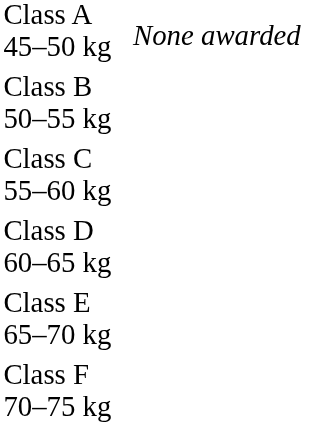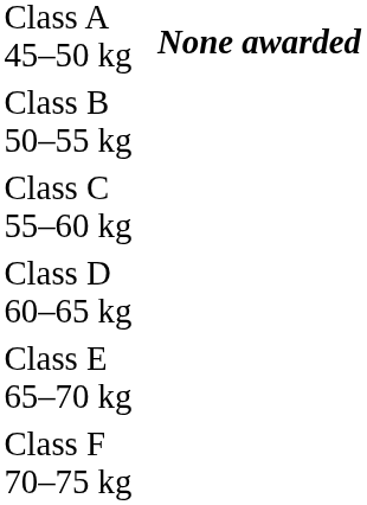 <table>
 <tr>
 <td rowspan=2>Class A<br>45–50 kg</td>
 <td rowspan=2></td>
 <td rowspan=2></td>
 <td></td>
 </tr>
 <tr>
-<td><em>None awarded</em></td>
+<td><strong><em>None awarded</em></strong></td>
 </tr>
 <tr>
 <td rowspan=2>Class B<br>50–55 kg</td>
 <td rowspan=2></td>
 <td rowspan=2></td>
 <td></td>
 </tr>
 <tr>
 <td></td>
 </tr>
 <tr>
 <td rowspan=2>Class C<br>55–60 kg</td>
 <td rowspan=2></td>
 <td rowspan=2></td>
 <td></td>
 </tr>
 <tr>
 <td></td>
 </tr>
 <tr>
 <td rowspan=2>Class D<br>60–65 kg</td>
 <td rowspan=2></td>
 <td rowspan=2></td>
 <td></td>
 </tr>
 <tr>
 <td></td>
 </tr>
 <tr>
 <td rowspan=2>Class E<br>65–70 kg</td>
 <td rowspan=2></td>
 <td rowspan=2></td>
 <td></td>
 </tr>
 <tr>
 <td></td>
 </tr>
 <tr>
 <td rowspan=2>Class F<br>70–75 kg</td>
 <td rowspan=2></td>
 <td rowspan=2></td>
 <td></td>
 </tr>
 <tr>
 <td></td>
 </tr>
 </table>
